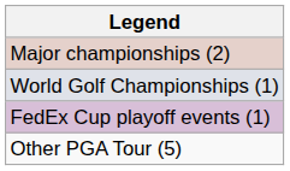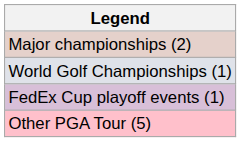 <table class="wikitable" style="font-size:95%;">
 <tr>
 <th>Legend</th>
 </tr>
 <tr style="background:#e5d1cb;">
 <td>Major championships (2)</td>
 </tr>
 <tr style="background:#dfe2e9;">
 <td>World Golf Championships (1)</td>
 </tr>
 <tr style="background:thistle;">
 <td>FedEx Cup playoff events (1)</td>
 </tr>
 <tr>
-<td>Other PGA Tour (5)</td>
+<td style="background: pink;">Other PGA Tour (5)</td>
 </tr>
 </table>
